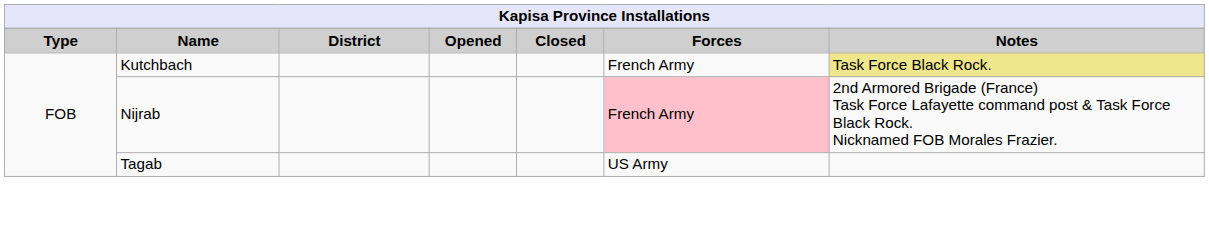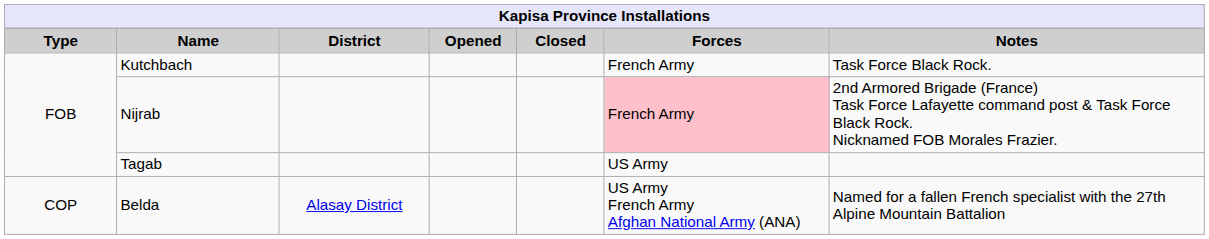 <table class="wikitable sortable" width="100%">
 <tr>
 <th style="align: center; background: lavender" colspan="7"><strong>Kapisa Province Installations</strong></th>
 </tr>
 <tr style="background:#efefef; color:black">
 </tr>
 <tr>
 <th style="background-color:#cfcfcf;" align="center" width="9%" align="center">Type</th>
 <th style="background-color:#cfcfcf;" align="center" width="13%">Name</th>
 <th style="background-color:#cfcfcf;" align="center" width="12%">District</th>
 <th style="background-color:#cfcfcf;" align="center" width="7%">Opened</th>
 <th style="background-color:#cfcfcf;" align="center" width="7%">Closed</th>
 <th style="background-color:#cfcfcf;" align="center" width="18%" class="unsortable">Forces</th>
 <th style="background-color:#cfcfcf;" align="center" width="30%" class="unsortable">Notes</th>
 </tr>
 <tr>
 <td rowspan="3" align="center">FOB</td>
 <td>Kutchbach</td>
 <td align="center"></td>
 <td align="center"></td>
 <td align="center"></td>
 <td> French Army</td>
-<td style="background: khaki;">Task Force Black Rock.</td>
+<td>Task Force Black Rock.</td>
 </tr>
 <tr>
 <td>Nijrab</td>
 <td align="center"></td>
 <td align="center"></td>
 <td align="center"></td>
 <td style="background: pink;"> French Army</td>
 <td>2nd Armored Brigade (France)<br> Task Force Lafayette command post & Task Force Black Rock.<br>Nicknamed FOB Morales Frazier.</td>
 </tr>
 <tr>
 <td>Tagab</td>
 <td align="center"></td>
 <td align="center"></td>
 <td align="center"></td>
 <td> US Army</td>
 <td></td>
 </tr>
+<tr>
+<td align="center">COP</td>
+<td>Belda</td>
+<td align="center"><a href='#'>Alasay District</a></td>
+<td align="center"></td>
+<td align="center"></td>
+<td> US Army<br> French Army <br> <a href='#'>Afghan National Army</a> (ANA)</td>
+<td>Named for a fallen French specialist with the 27th Alpine Mountain Battalion</td>
+</tr>
 </table>
